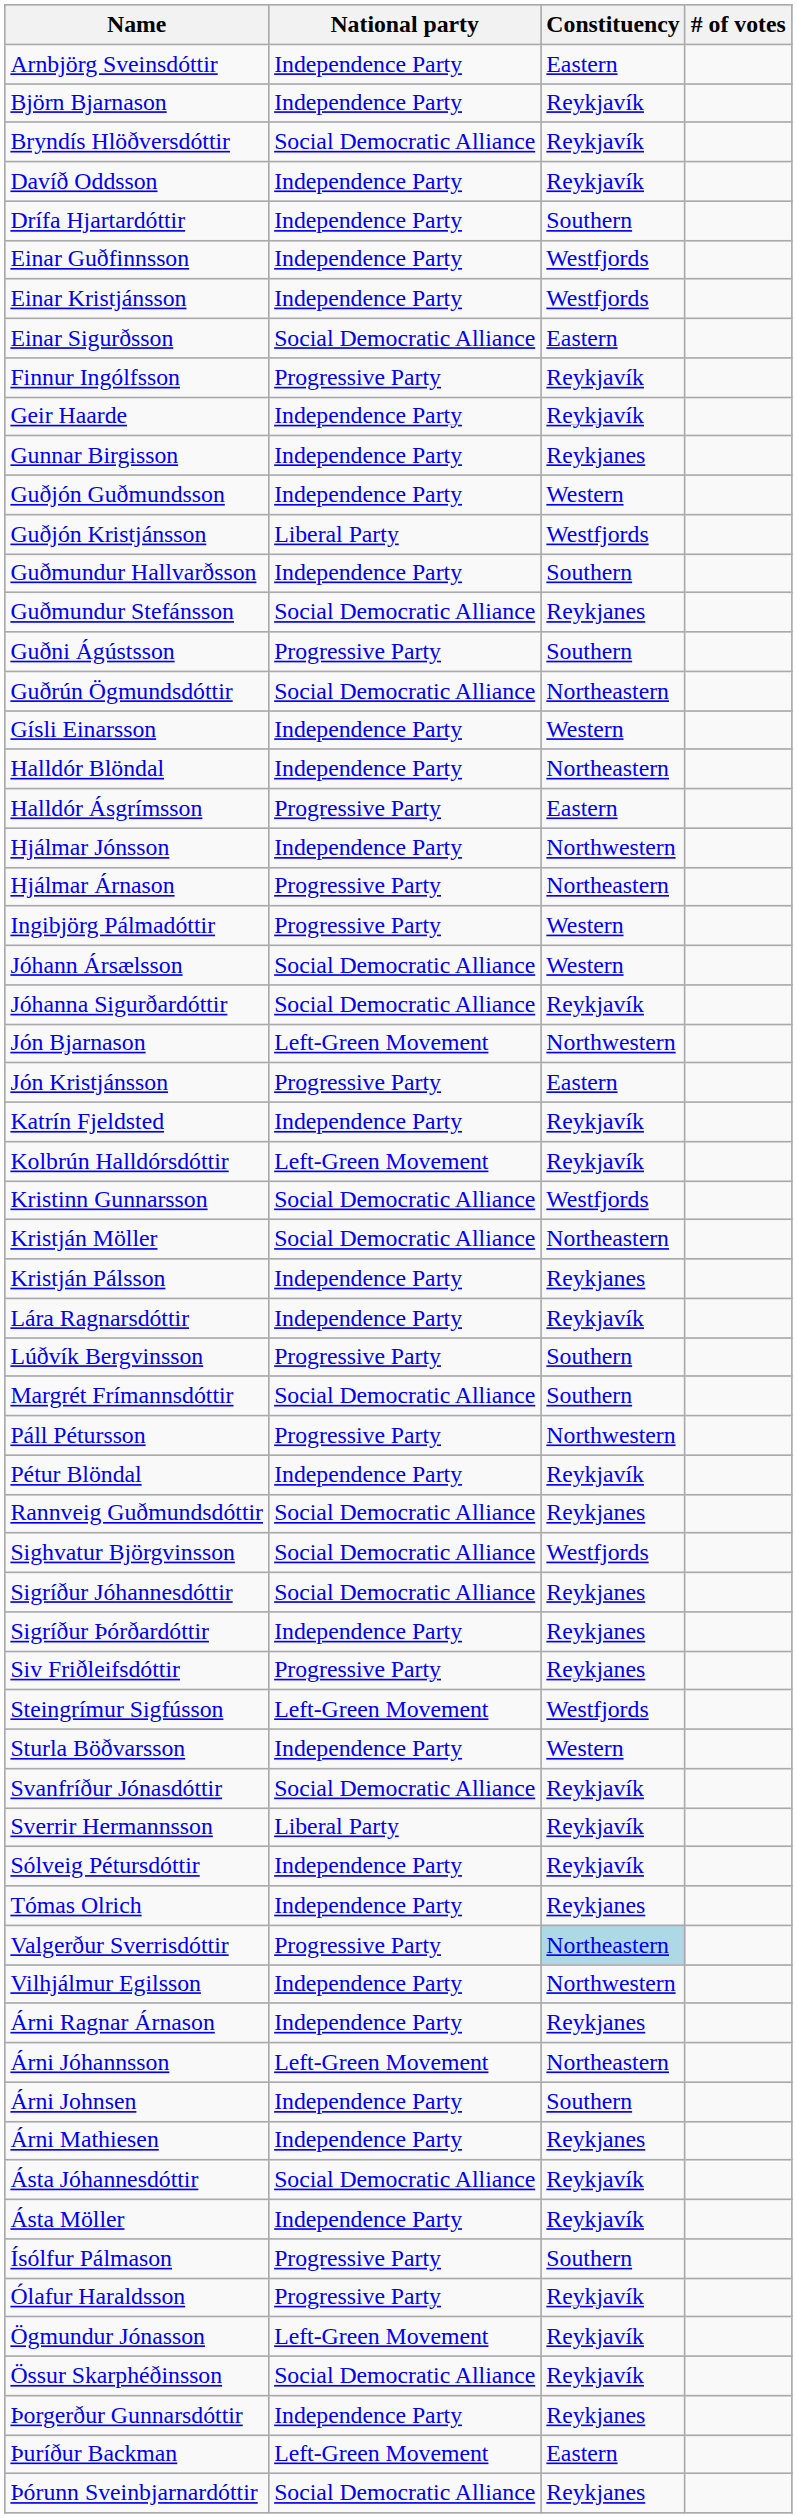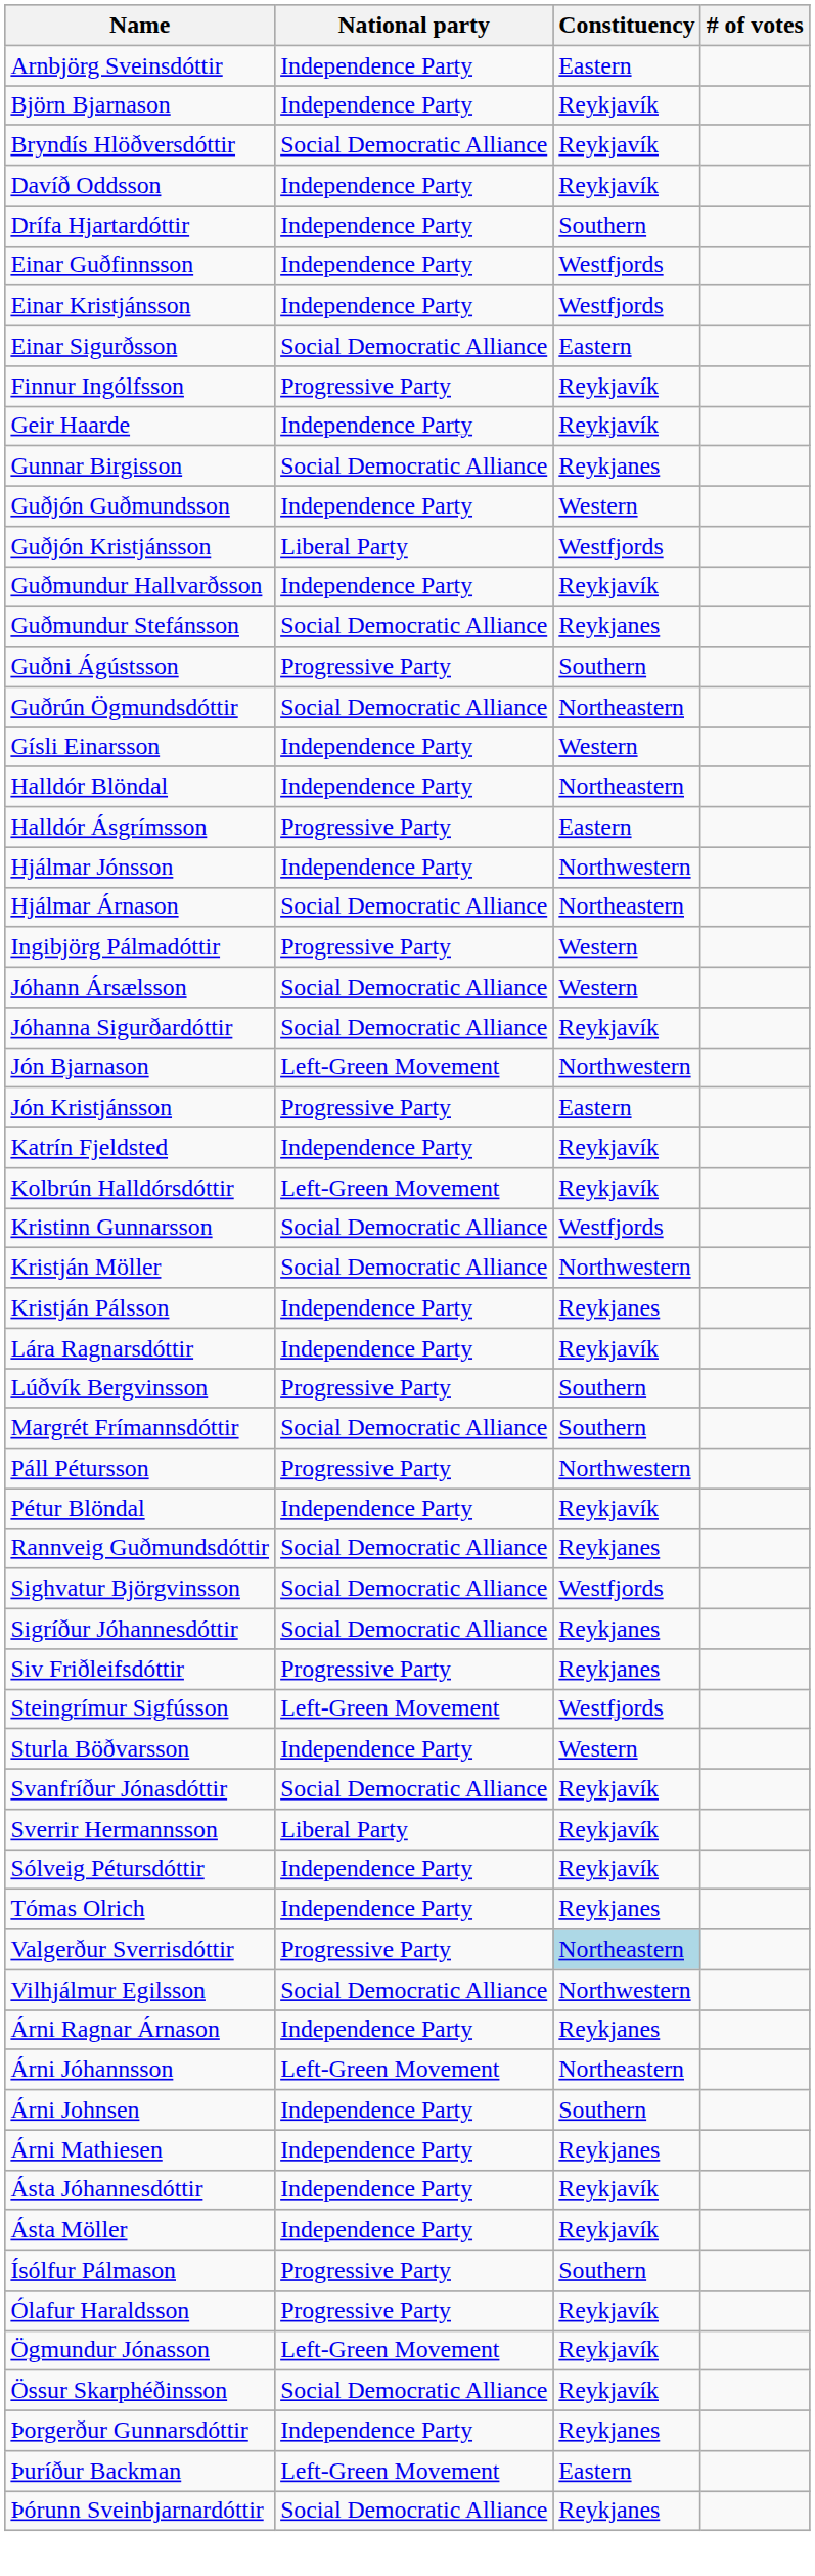 <table class="sortable wikitable" style="text-align:left; font-size:90%;">
 <tr>
 <th>Name</th>
 <th>National party</th>
 <th>Constituency</th>
 <th># of votes</th>
 </tr>
 <tr>
 <td><a href='#'>Arnbjörg Sveinsdóttir</a></td>
 <td> <a href='#'>Independence Party</a></td>
 <td><a href='#'>Eastern</a></td>
 <td></td>
 </tr>
 <tr>
 <td><a href='#'>Björn Bjarnason</a></td>
 <td> <a href='#'>Independence Party</a></td>
 <td><a href='#'>Reykjavík</a></td>
 <td></td>
 </tr>
 <tr>
 <td><a href='#'>Bryndís Hlöðversdóttir</a></td>
 <td> <a href='#'>Social Democratic Alliance</a></td>
 <td><a href='#'>Reykjavík</a></td>
 <td></td>
 </tr>
 <tr>
 <td><a href='#'>Davíð Oddsson</a></td>
 <td> <a href='#'>Independence Party</a></td>
 <td><a href='#'>Reykjavík</a></td>
 <td></td>
 </tr>
 <tr>
 <td><a href='#'>Drífa Hjartardóttir</a></td>
 <td> <a href='#'>Independence Party</a></td>
 <td><a href='#'>Southern</a></td>
 <td></td>
 </tr>
 <tr>
 <td><a href='#'>Einar Guðfinnsson</a></td>
 <td> <a href='#'>Independence Party</a></td>
 <td><a href='#'>Westfjords</a></td>
 <td></td>
 </tr>
 <tr>
 <td><a href='#'>Einar Kristjánsson</a></td>
 <td> <a href='#'>Independence Party</a></td>
 <td><a href='#'>Westfjords</a></td>
 <td></td>
 </tr>
 <tr>
 <td><a href='#'>Einar Sigurðsson</a></td>
 <td> <a href='#'>Social Democratic Alliance</a></td>
 <td><a href='#'>Eastern</a></td>
 <td></td>
 </tr>
 <tr>
 <td><a href='#'>Finnur Ingólfsson</a></td>
 <td> <a href='#'>Progressive Party</a></td>
 <td><a href='#'>Reykjavík</a></td>
 <td></td>
 </tr>
 <tr>
 <td><a href='#'>Geir Haarde</a></td>
 <td> <a href='#'>Independence Party</a></td>
 <td><a href='#'>Reykjavík</a></td>
 <td></td>
 </tr>
 <tr>
 <td><a href='#'>Gunnar Birgisson</a></td>
-<td> <a href='#'>Independence Party</a></td>
+<td> <a href='#'>Social Democratic Alliance</a></td>
 <td><a href='#'>Reykjanes</a></td>
 <td></td>
 </tr>
 <tr>
 <td><a href='#'>Guðjón Guðmundsson</a></td>
 <td> <a href='#'>Independence Party</a></td>
 <td><a href='#'>Western</a></td>
 <td></td>
 </tr>
 <tr>
 <td><a href='#'>Guðjón Kristjánsson</a></td>
 <td> <a href='#'>Liberal Party</a></td>
 <td><a href='#'>Westfjords</a></td>
 <td></td>
 </tr>
 <tr>
 <td><a href='#'>Guðmundur Hallvarðsson</a></td>
 <td> <a href='#'>Independence Party</a></td>
-<td><a href='#'>Southern</a></td>
+<td><a href='#'>Reykjavík</a></td>
 <td></td>
 </tr>
 <tr>
 <td><a href='#'>Guðmundur Stefánsson</a></td>
 <td> <a href='#'>Social Democratic Alliance</a></td>
 <td><a href='#'>Reykjanes</a></td>
 <td></td>
 </tr>
 <tr>
 <td><a href='#'>Guðni Ágústsson</a></td>
 <td> <a href='#'>Progressive Party</a></td>
 <td><a href='#'>Southern</a></td>
 <td></td>
 </tr>
 <tr>
 <td><a href='#'>Guðrún Ögmundsdóttir</a></td>
 <td> <a href='#'>Social Democratic Alliance</a></td>
 <td><a href='#'>Northeastern</a></td>
 <td></td>
 </tr>
 <tr>
 <td><a href='#'>Gísli Einarsson</a></td>
 <td> <a href='#'>Independence Party</a></td>
 <td><a href='#'>Western</a></td>
 <td></td>
 </tr>
 <tr>
 <td><a href='#'>Halldór Blöndal</a></td>
 <td> <a href='#'>Independence Party</a></td>
 <td><a href='#'>Northeastern</a></td>
 <td></td>
 </tr>
 <tr>
 <td><a href='#'>Halldór Ásgrímsson</a></td>
 <td> <a href='#'>Progressive Party</a></td>
 <td><a href='#'>Eastern</a></td>
 <td></td>
 </tr>
 <tr>
 <td><a href='#'>Hjálmar Jónsson</a></td>
 <td> <a href='#'>Independence Party</a></td>
 <td><a href='#'>Northwestern</a></td>
 <td></td>
 </tr>
 <tr>
 <td><a href='#'>Hjálmar Árnason</a></td>
-<td> <a href='#'>Progressive Party</a></td>
+<td> <a href='#'>Social Democratic Alliance</a></td>
 <td><a href='#'>Northeastern</a></td>
 <td></td>
 </tr>
 <tr>
 <td><a href='#'>Ingibjörg Pálmadóttir</a></td>
 <td> <a href='#'>Progressive Party</a></td>
 <td><a href='#'>Western</a></td>
 <td></td>
 </tr>
 <tr>
 <td><a href='#'>Jóhann Ársælsson</a></td>
 <td> <a href='#'>Social Democratic Alliance</a></td>
 <td><a href='#'>Western</a></td>
 <td></td>
 </tr>
 <tr>
 <td><a href='#'>Jóhanna Sigurðardóttir</a></td>
 <td> <a href='#'>Social Democratic Alliance</a></td>
 <td><a href='#'>Reykjavík</a></td>
 <td></td>
 </tr>
 <tr>
 <td><a href='#'>Jón Bjarnason</a></td>
 <td> <a href='#'>Left-Green Movement</a></td>
 <td><a href='#'>Northwestern</a></td>
 <td></td>
 </tr>
 <tr>
 <td><a href='#'>Jón Kristjánsson</a></td>
 <td> <a href='#'>Progressive Party</a></td>
 <td><a href='#'>Eastern</a></td>
 <td></td>
 </tr>
 <tr>
 <td><a href='#'>Katrín Fjeldsted</a></td>
 <td> <a href='#'>Independence Party</a></td>
 <td><a href='#'>Reykjavík</a></td>
 <td></td>
 </tr>
 <tr>
 <td><a href='#'>Kolbrún Halldórsdóttir</a></td>
 <td> <a href='#'>Left-Green Movement</a></td>
 <td><a href='#'>Reykjavík</a></td>
 <td></td>
 </tr>
 <tr>
 <td><a href='#'>Kristinn Gunnarsson</a></td>
 <td> <a href='#'>Social Democratic Alliance</a></td>
 <td><a href='#'>Westfjords</a></td>
 <td></td>
 </tr>
 <tr>
 <td><a href='#'>Kristján Möller</a></td>
 <td> <a href='#'>Social Democratic Alliance</a></td>
-<td><a href='#'>Northeastern</a></td>
+<td><a href='#'>Northwestern</a></td>
 <td></td>
 </tr>
 <tr>
 <td><a href='#'>Kristján Pálsson</a></td>
 <td> <a href='#'>Independence Party</a></td>
 <td><a href='#'>Reykjanes</a></td>
 <td></td>
 </tr>
 <tr>
 <td><a href='#'>Lára Ragnarsdóttir</a></td>
 <td> <a href='#'>Independence Party</a></td>
 <td><a href='#'>Reykjavík</a></td>
 <td></td>
 </tr>
 <tr>
 <td><a href='#'>Lúðvík Bergvinsson</a></td>
 <td> <a href='#'>Progressive Party</a></td>
 <td><a href='#'>Southern</a></td>
 <td></td>
 </tr>
 <tr>
 <td><a href='#'>Margrét Frímannsdóttir</a></td>
 <td> <a href='#'>Social Democratic Alliance</a></td>
 <td><a href='#'>Southern</a></td>
 <td></td>
 </tr>
 <tr>
 <td><a href='#'>Páll Pétursson</a></td>
 <td> <a href='#'>Progressive Party</a></td>
 <td><a href='#'>Northwestern</a></td>
 <td></td>
 </tr>
 <tr>
 <td><a href='#'>Pétur Blöndal</a></td>
 <td> <a href='#'>Independence Party</a></td>
 <td><a href='#'>Reykjavík</a></td>
 <td></td>
 </tr>
 <tr>
 <td><a href='#'>Rannveig Guðmundsdóttir</a></td>
 <td> <a href='#'>Social Democratic Alliance</a></td>
 <td><a href='#'>Reykjanes</a></td>
 <td></td>
 </tr>
 <tr>
 <td><a href='#'>Sighvatur Björgvinsson</a></td>
 <td> <a href='#'>Social Democratic Alliance</a></td>
 <td><a href='#'>Westfjords</a></td>
 <td></td>
 </tr>
 <tr>
 <td><a href='#'>Sigríður Jóhannesdóttir</a></td>
 <td> <a href='#'>Social Democratic Alliance</a></td>
 <td><a href='#'>Reykjanes</a></td>
 <td></td>
 </tr>
 <tr>
-<td><a href='#'>Sigríður Þórðardóttir</a></td>
-<td> <a href='#'>Independence Party</a></td>
-<td><a href='#'>Reykjanes</a></td>
-<td></td>
-</tr>
-<tr>
 <td><a href='#'>Siv Friðleifsdóttir</a></td>
 <td> <a href='#'>Progressive Party</a></td>
 <td><a href='#'>Reykjanes</a></td>
 <td></td>
 </tr>
 <tr>
 <td><a href='#'>Steingrímur Sigfússon</a></td>
 <td> <a href='#'>Left-Green Movement</a></td>
 <td><a href='#'>Westfjords</a></td>
 <td></td>
 </tr>
 <tr>
 <td><a href='#'>Sturla Böðvarsson</a></td>
 <td> <a href='#'>Independence Party</a></td>
 <td><a href='#'>Western</a></td>
 <td></td>
 </tr>
 <tr>
 <td><a href='#'>Svanfríður Jónasdóttir</a></td>
 <td> <a href='#'>Social Democratic Alliance</a></td>
 <td><a href='#'>Reykjavík</a></td>
 <td></td>
 </tr>
 <tr>
 <td><a href='#'>Sverrir Hermannsson</a></td>
 <td> <a href='#'>Liberal Party</a></td>
 <td><a href='#'>Reykjavík</a></td>
 <td></td>
 </tr>
 <tr>
 <td><a href='#'>Sólveig Pétursdóttir</a></td>
 <td> <a href='#'>Independence Party</a></td>
 <td><a href='#'>Reykjavík</a></td>
 <td></td>
 </tr>
 <tr>
 <td><a href='#'>Tómas Olrich</a></td>
 <td> <a href='#'>Independence Party</a></td>
 <td><a href='#'>Reykjanes</a></td>
 <td></td>
 </tr>
 <tr>
 <td><a href='#'>Valgerður Sverrisdóttir</a></td>
 <td> <a href='#'>Progressive Party</a></td>
 <td style="background: lightblue;"><a href='#'>Northeastern</a></td>
 <td></td>
 </tr>
 <tr>
 <td><a href='#'>Vilhjálmur Egilsson</a></td>
-<td> <a href='#'>Independence Party</a></td>
+<td> <a href='#'>Social Democratic Alliance</a></td>
 <td><a href='#'>Northwestern</a></td>
 <td></td>
 </tr>
 <tr>
 <td><a href='#'>Árni Ragnar Árnason</a></td>
 <td> <a href='#'>Independence Party</a></td>
 <td><a href='#'>Reykjanes</a></td>
 <td></td>
 </tr>
 <tr>
 <td><a href='#'>Árni Jóhannsson</a></td>
 <td> <a href='#'>Left-Green Movement</a></td>
 <td><a href='#'>Northeastern</a></td>
 <td></td>
 </tr>
 <tr>
 <td><a href='#'>Árni Johnsen</a></td>
 <td> <a href='#'>Independence Party</a></td>
 <td><a href='#'>Southern</a></td>
 <td></td>
 </tr>
 <tr>
 <td><a href='#'>Árni Mathiesen</a></td>
 <td> <a href='#'>Independence Party</a></td>
 <td><a href='#'>Reykjanes</a></td>
 <td></td>
 </tr>
 <tr>
 <td><a href='#'>Ásta Jóhannesdóttir</a></td>
-<td> <a href='#'>Social Democratic Alliance</a></td>
+<td> <a href='#'>Independence Party</a></td>
 <td><a href='#'>Reykjavík</a></td>
 <td></td>
 </tr>
 <tr>
 <td><a href='#'>Ásta Möller</a></td>
 <td> <a href='#'>Independence Party</a></td>
 <td><a href='#'>Reykjavík</a></td>
 <td></td>
 </tr>
 <tr>
 <td><a href='#'>Ísólfur Pálmason</a></td>
 <td> <a href='#'>Progressive Party</a></td>
 <td><a href='#'>Southern</a></td>
 <td></td>
 </tr>
 <tr>
 <td><a href='#'>Ólafur Haraldsson</a></td>
 <td> <a href='#'>Progressive Party</a></td>
 <td><a href='#'>Reykjavík</a></td>
 <td></td>
 </tr>
 <tr>
 <td><a href='#'>Ögmundur Jónasson</a></td>
 <td> <a href='#'>Left-Green Movement</a></td>
 <td><a href='#'>Reykjavík</a></td>
 <td></td>
 </tr>
 <tr>
 <td><a href='#'>Össur Skarphéðinsson</a></td>
 <td> <a href='#'>Social Democratic Alliance</a></td>
 <td><a href='#'>Reykjavík</a></td>
 <td></td>
 </tr>
 <tr>
 <td><a href='#'>Þorgerður Gunnarsdóttir</a></td>
 <td> <a href='#'>Independence Party</a></td>
 <td><a href='#'>Reykjanes</a></td>
 <td></td>
 </tr>
 <tr>
 <td><a href='#'>Þuríður Backman</a></td>
 <td> <a href='#'>Left-Green Movement</a></td>
 <td><a href='#'>Eastern</a></td>
 <td></td>
 </tr>
 <tr>
 <td><a href='#'>Þórunn Sveinbjarnardóttir</a></td>
 <td> <a href='#'>Social Democratic Alliance</a></td>
 <td><a href='#'>Reykjanes</a></td>
 <td></td>
 </tr>
 </table>
